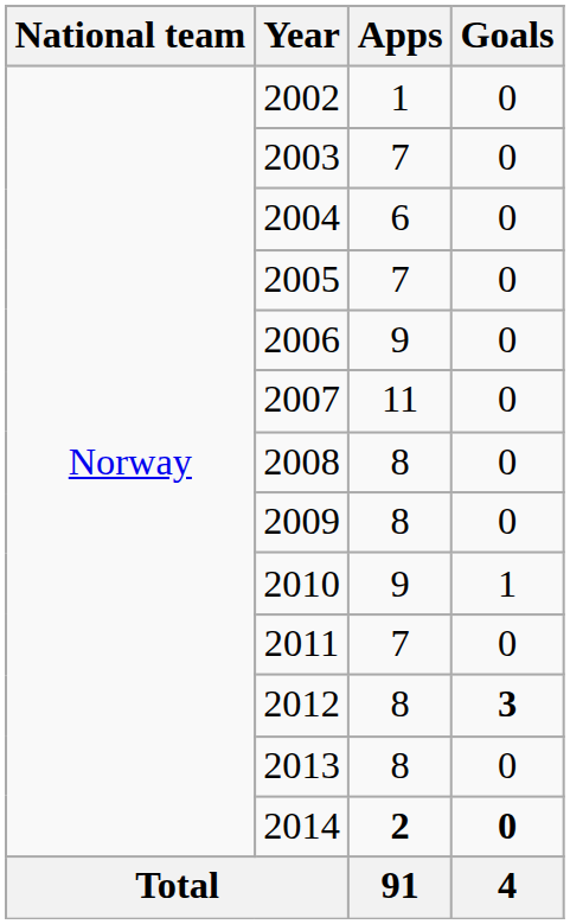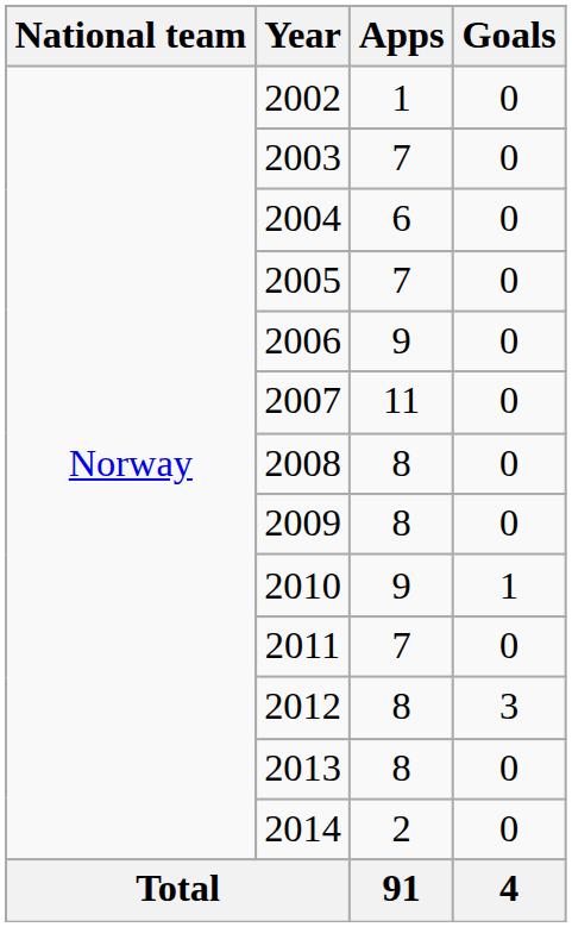 <table class="wikitable" style="text-align:center">
 <tr>
 <th>National team</th>
 <th>Year</th>
 <th>Apps</th>
 <th>Goals</th>
 </tr>
 <tr>
 <td rowspan="13“"><a href='#'>Norway</a></td>
 <td>2002</td>
 <td>1</td>
 <td>0</td>
 </tr>
 <tr>
 <td>2003</td>
 <td>7</td>
 <td>0</td>
 </tr>
 <tr>
 <td>2004</td>
 <td>6</td>
 <td>0</td>
 </tr>
 <tr>
 <td>2005</td>
 <td>7</td>
 <td>0</td>
 </tr>
 <tr>
 <td>2006</td>
 <td>9</td>
 <td>0</td>
 </tr>
 <tr>
 <td>2007</td>
 <td>11</td>
 <td>0</td>
 </tr>
 <tr>
 <td>2008</td>
 <td>8</td>
 <td>0</td>
 </tr>
 <tr>
 <td>2009</td>
 <td>8</td>
 <td>0</td>
 </tr>
 <tr>
 <td>2010</td>
 <td>9</td>
 <td>1</td>
 </tr>
 <tr>
 <td>2011</td>
 <td>7</td>
 <td>0</td>
 </tr>
 <tr>
 <td>2012</td>
 <td>8</td>
-<td><strong>3</strong></td>
+<td>3</td>
 </tr>
 <tr>
 <td>2013</td>
 <td>8</td>
 <td>0</td>
 </tr>
 <tr>
 <td>2014</td>
-<td><strong>2</strong></td>
-<td><strong>0</strong></td>
+<td>2</td>
+<td>0</td>
 </tr>
 <tr>
 <th colspan="2">Total</th>
 <th>91</th>
 <th>4</th>
 </tr>
 </table>
